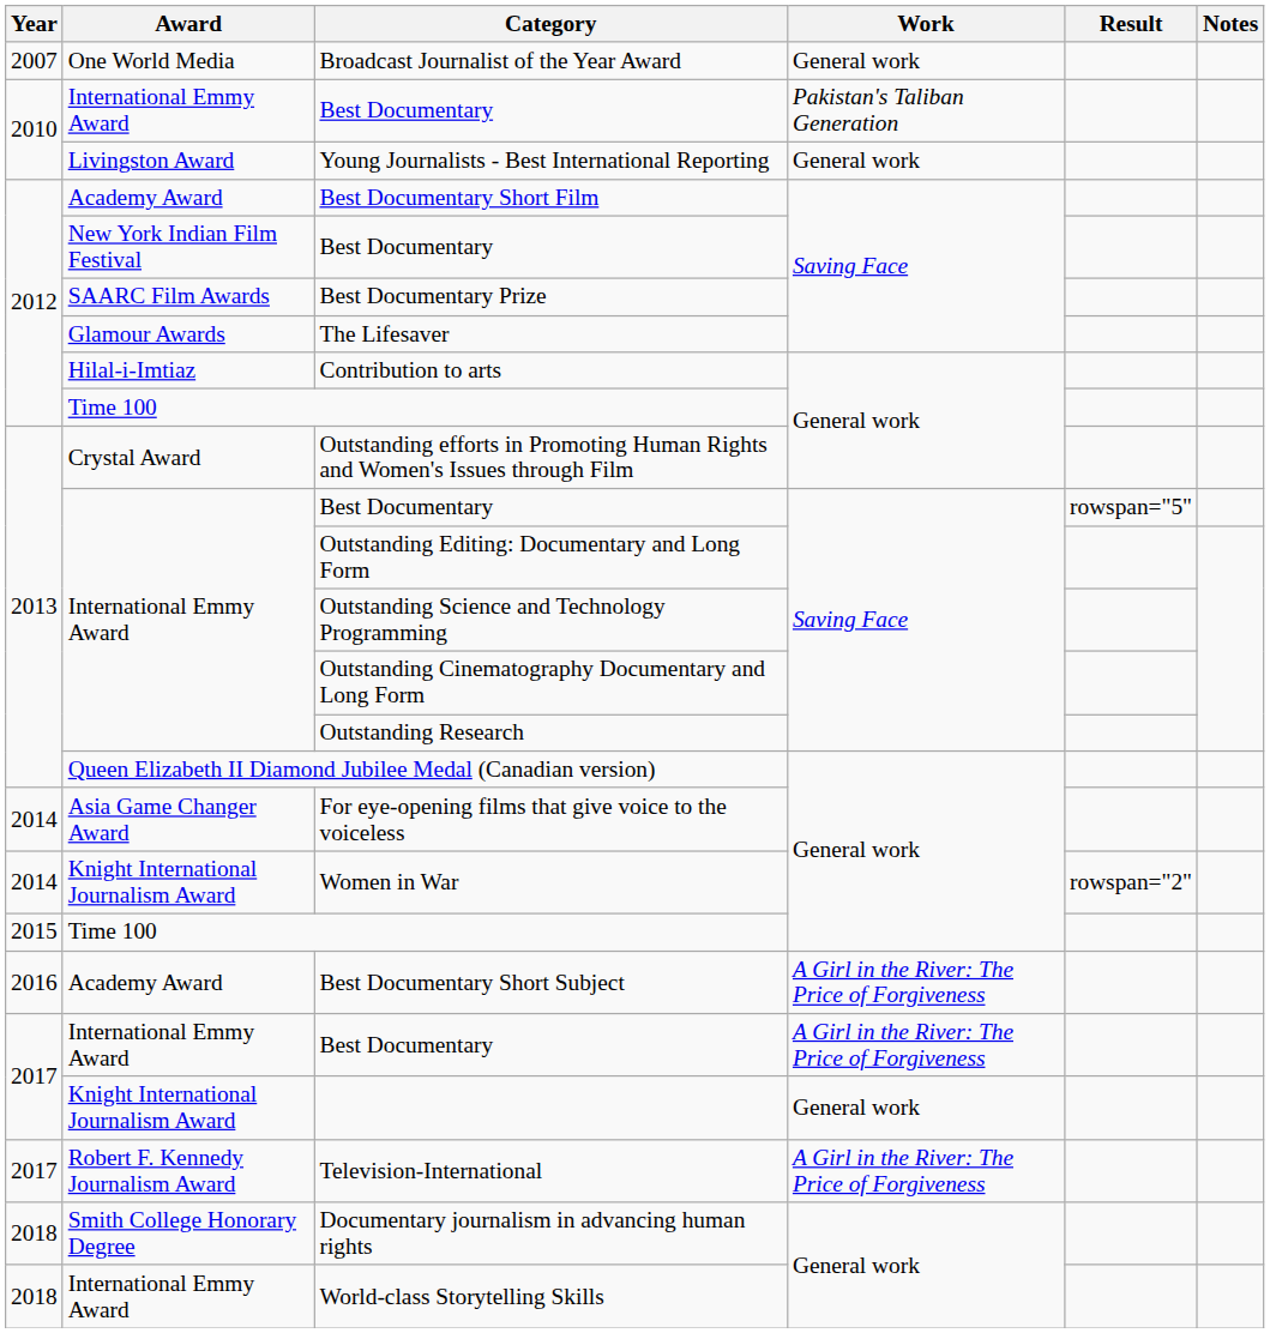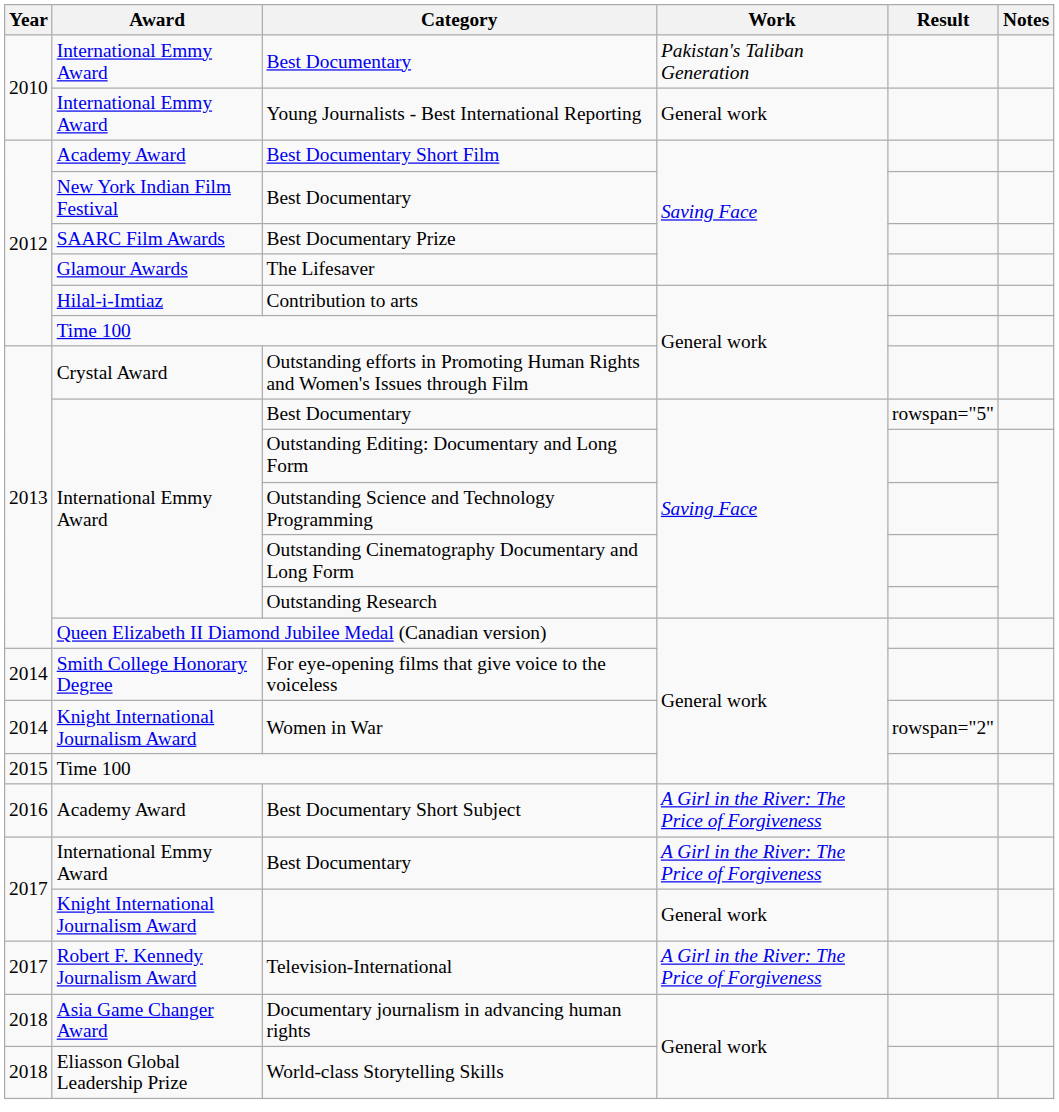 <table class="wikitable">
 <tr>
 <th>Year</th>
 <th>Award</th>
 <th>Category</th>
 <th>Work</th>
 <th>Result</th>
 <th>Notes</th>
 </tr>
 <tr>
-<td rowspan="1">2007</td>
-<td>One World Media</td>
-<td>Broadcast Journalist of the Year Award</td>
-<td>General work</td>
-<td></td>
-<td></td>
-</tr>
-<tr>
 <td rowspan="2">2010</td>
 <td><a href='#'>International Emmy Award</a></td>
 <td><a href='#'>Best Documentary</a></td>
 <td><em>Pakistan's Taliban Generation</em></td>
 <td></td>
 <td></td>
 </tr>
 <tr>
-<td><a href='#'>Livingston Award</a></td>
+<td><a href='#'>International Emmy Award</a></td>
 <td>Young Journalists - Best International Reporting</td>
 <td>General work</td>
 <td></td>
 <td></td>
 </tr>
 <tr>
 <td rowspan="6">2012</td>
 <td><a href='#'>Academy Award</a></td>
 <td><a href='#'>Best Documentary Short Film</a></td>
 <td rowspan="4"><em><a href='#'>Saving Face</a></em></td>
 <td></td>
 <td></td>
 </tr>
 <tr>
 <td><a href='#'>New York Indian Film Festival</a></td>
 <td>Best Documentary</td>
 <td></td>
 <td></td>
 </tr>
 <tr>
 <td><a href='#'>SAARC Film Awards</a></td>
 <td>Best Documentary Prize</td>
 <td></td>
 <td></td>
 </tr>
 <tr>
 <td><a href='#'>Glamour Awards</a></td>
 <td>The Lifesaver</td>
 <td></td>
 <td></td>
 </tr>
 <tr>
 <td><a href='#'>Hilal-i-Imtiaz</a></td>
 <td>Contribution to arts</td>
 <td rowspan="3">General work</td>
 <td></td>
 </tr>
 <tr>
 <td colspan="2"><a href='#'>Time 100</a></td>
 <td></td>
 <td></td>
 </tr>
 <tr>
 <td rowspan="7">2013</td>
 <td>Crystal Award</td>
 <td>Outstanding efforts in Promoting Human Rights and Women's Issues through Film</td>
 <td></td>
 <td></td>
 </tr>
 <tr>
 <td rowspan="5">International Emmy Award</td>
 <td>Best Documentary</td>
 <td rowspan="5"><em><a href='#'>Saving Face</a></em></td>
 <td>rowspan="5" </td>
 <td></td>
 </tr>
 <tr>
 <td>Outstanding Editing: Documentary and Long Form</td>
 <td></td>
 </tr>
 <tr>
 <td>Outstanding Science and Technology Programming</td>
 <td></td>
 </tr>
 <tr>
 <td>Outstanding Cinematography Documentary and Long Form</td>
 <td></td>
 </tr>
 <tr>
 <td>Outstanding Research</td>
 <td></td>
 </tr>
 <tr>
 <td colspan="2"><a href='#'>Queen Elizabeth II Diamond Jubilee Medal</a> (Canadian version)</td>
 <td rowspan="4">General work</td>
 <td></td>
 <td></td>
 </tr>
 <tr>
 <td>2014</td>
-<td><a href='#'>Asia Game Changer Award</a></td>
+<td><a href='#'>Smith College Honorary Degree</a></td>
 <td>For eye-opening films that give voice to the voiceless</td>
 <td></td>
 <td></td>
 </tr>
 <tr>
 <td>2014</td>
 <td><a href='#'>Knight International Journalism Award</a></td>
 <td>Women in War</td>
 <td>rowspan="2" </td>
 <td></td>
 </tr>
 <tr>
 <td>2015</td>
 <td colspan="2">Time 100</td>
 <td></td>
 </tr>
 <tr>
 <td>2016</td>
 <td>Academy Award</td>
 <td>Best Documentary Short Subject</td>
 <td><em><a href='#'>A Girl in the River: The Price of Forgiveness</a></em></td>
 <td></td>
 <td></td>
 </tr>
 <tr>
 <td rowspan="2">2017</td>
 <td>International Emmy Award</td>
 <td>Best Documentary</td>
 <td><em><a href='#'>A Girl in the River: The Price of Forgiveness</a></em></td>
 <td></td>
 <td></td>
 </tr>
 <tr>
 <td><a href='#'>Knight International Journalism Award</a></td>
 <td></td>
 <td>General work</td>
 <td></td>
 <td></td>
 </tr>
 <tr>
 <td>2017</td>
 <td><a href='#'>Robert F. Kennedy Journalism Award</a></td>
 <td>Television-International</td>
 <td><em><a href='#'>A Girl in the River: The Price of Forgiveness</a></em></td>
 <td></td>
 <td></td>
 </tr>
 <tr>
 <td>2018</td>
-<td><a href='#'>Smith College Honorary Degree</a></td>
+<td><a href='#'>Asia Game Changer Award</a></td>
 <td>Documentary journalism in advancing human rights</td>
 <td rowspan="2">General work</td>
 <td></td>
 <td></td>
 </tr>
 <tr>
 <td>2018</td>
-<td>International Emmy Award</td>
+<td>Eliasson Global Leadership Prize</td>
 <td>World-class Storytelling Skills</td>
 <td></td>
 <td></td>
 </tr>
 </table>
